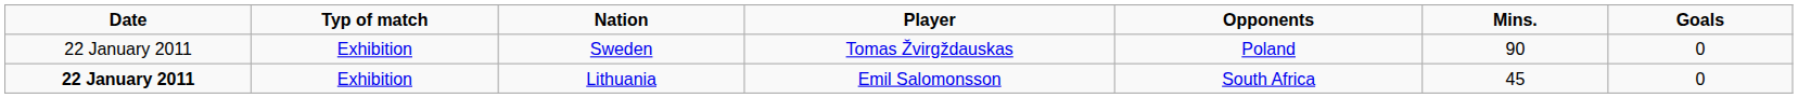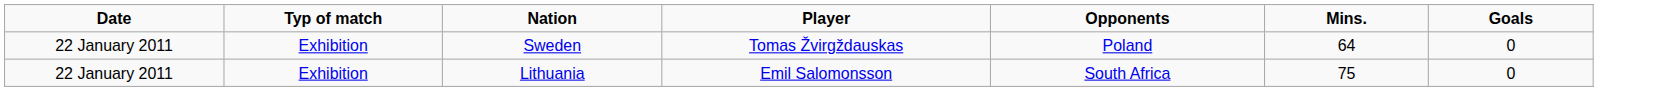 <table class= width=90% border="2" cellpadding="4" cellspacing="0" style="text-align=center: 1em 1em 1em 0; background: #f9f9f9; border: 1px #aaa solid; border-collapse: collapse; font-size: 95%;">
 <tr>
 <th width=8%>Date</th>
 <th width=8%>Typ of match</th>
 <th width=8%>Nation</th>
 <th width=12%>Player</th>
 <th width=10%>Opponents</th>
 <th width=6%>Mins.</th>
 <th width=6%>Goals</th>
 </tr>
 <tr>
 <td align=center>22 January 2011</td>
 <td align=center><a href='#'>Exhibition</a></td>
 <td align=center> <a href='#'>Sweden</a></td>
 <td align=center><a href='#'>Tomas Žvirgždauskas</a></td>
 <td align=center> <a href='#'>Poland</a></td>
-<td align=center>90</td>
+<td align=center>64</td>
 <td align=center>0</td>
 </tr>
 <tr>
-<td align=center><strong>22 January 2011</strong></td>
+<td align=center>22 January 2011</td>
 <td align=center><a href='#'>Exhibition</a></td>
 <td align=center> <a href='#'>Lithuania</a></td>
 <td align=center><a href='#'>Emil Salomonsson</a></td>
 <td align=center> <a href='#'>South Africa</a></td>
-<td align=center>45</td>
+<td align=center>75</td>
 <td align=center>0</td>
 </tr>
 </table>
